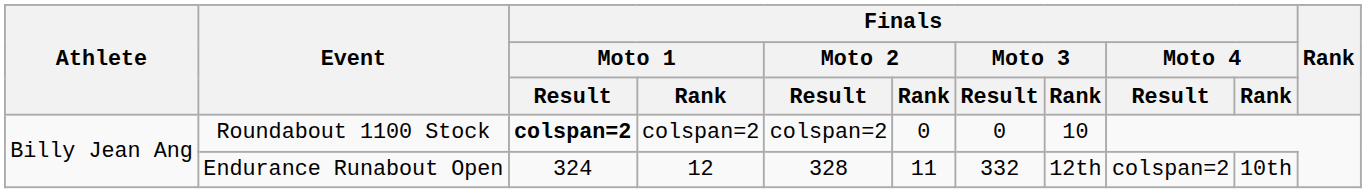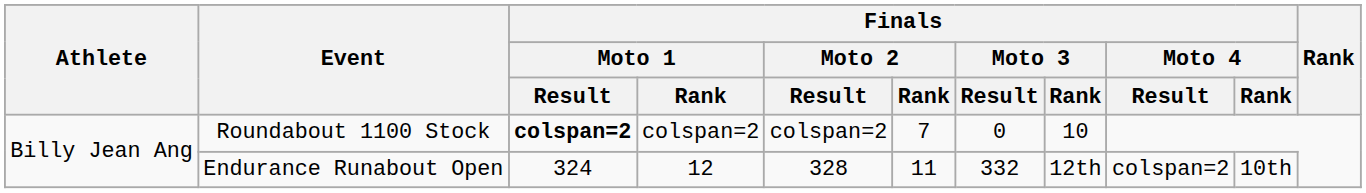 <table class=wikitable style="font-size:90%; text-align:center;">
 <tr>
 <th rowspan=3>Athlete</th>
 <th rowspan=3>Event</th>
 <th colspan=8>Finals</th>
 <th rowspan=3>Rank</th>
 </tr>
 <tr>
 <th colspan=2>Moto 1</th>
 <th colspan=2>Moto 2</th>
 <th colspan=2>Moto 3</th>
 <th colspan=2>Moto 4</th>
 </tr>
 <tr>
 <th>Result</th>
 <th>Rank</th>
 <th>Result</th>
 <th>Rank</th>
 <th>Result</th>
 <th>Rank</th>
 <th>Result</th>
 <th>Rank</th>
 </tr>
 <tr>
 <td rowspan=2>Billy Jean Ang</td>
 <td>Roundabout 1100 Stock</td>
 <td><strong>colspan=2 </strong></td>
 <td>colspan=2 </td>
 <td>colspan=2 </td>
-<td>0</td>
+<td>7</td>
 <td>0</td>
 <td>10</td>
 </tr>
 <tr>
 <td>Endurance Runabout Open</td>
 <td>324</td>
 <td>12</td>
 <td>328</td>
 <td>11</td>
 <td>332</td>
 <td>12th</td>
 <td>colspan=2</td>
 <td>10th</td>
 </tr>
 </table>
